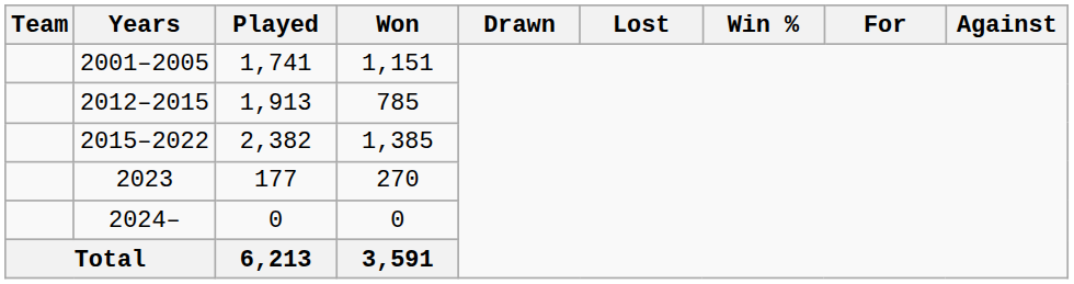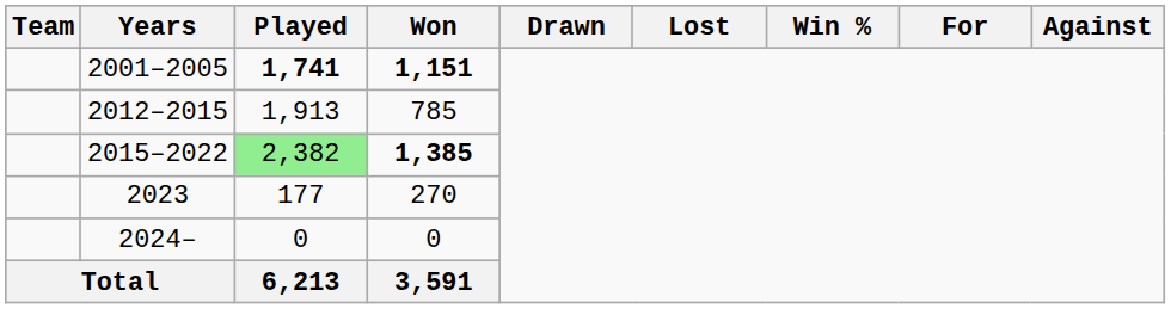 <table class="wikitable" style="text-align:center">
 <tr>
 <th>Team</th>
 <th>Years</th>
 <th width=60px>Played</th>
 <th width=60px>Won</th>
 <th width=60px>Drawn</th>
 <th width=60px>Lost</th>
 <th width=60px>Win %</th>
 <th width=60px>For</th>
 <th width=60px>Against</th>
 </tr>
 <tr>
 <td style="text-align:left"></td>
 <td>2001–2005<br></td>
-<td>1,741</td>
-<td>1,151</td>
+<td><strong>1,741</strong></td>
+<td><strong>1,151</strong></td>
 </tr>
 <tr>
 <td style="text-align:left"></td>
 <td>2012–2015<br></td>
 <td>1,913</td>
 <td>785</td>
 </tr>
 <tr>
 <td style="text-align:left"></td>
 <td>2015–2022<br></td>
-<td>2,382</td>
-<td>1,385</td>
+<td style="background: lightgreen;">2,382</td>
+<td><strong>1,385</strong></td>
 </tr>
 <tr>
 <td style="text-align:left"></td>
 <td>2023<br></td>
 <td>177</td>
 <td>270</td>
 </tr>
 <tr>
 <td style="text-align:left"></td>
 <td>2024–<br></td>
 <td>0</td>
 <td>0</td>
 </tr>
 <tr>
 <th colspan="2">Total<br></th>
 <th>6,213</th>
 <th>3,591</th>
 </tr>
 </table>
